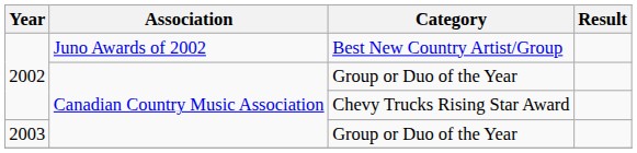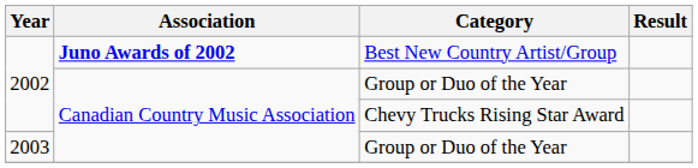 <table class="wikitable">
 <tr>
 <th>Year</th>
 <th>Association</th>
 <th>Category</th>
 <th>Result</th>
 </tr>
 <tr>
 <td rowspan="3">2002</td>
-<td><a href='#'>Juno Awards of 2002</a></td>
+<td><strong><a href='#'>Juno Awards of 2002</a></strong></td>
 <td><a href='#'>Best New Country Artist/Group</a></td>
 <td></td>
 </tr>
 <tr>
 <td rowspan="3"><a href='#'>Canadian Country Music Association</a></td>
 <td>Group or Duo of the Year</td>
 <td></td>
 </tr>
 <tr>
 <td>Chevy Trucks Rising Star Award</td>
 <td></td>
 </tr>
 <tr>
 <td>2003</td>
 <td>Group or Duo of the Year</td>
 <td></td>
 </tr>
 <tr>
 </tr>
 </table>
